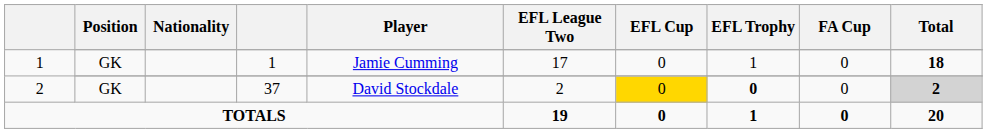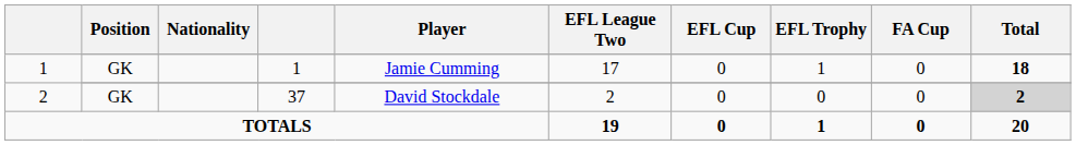 <table class="wikitable" style="font-size: 95%; text-align: center;">
 <tr>
 <th width=60></th>
 <th width=60>Position</th>
 <th width=80>Nationality</th>
 <th width=60></th>
 <th width=180>Player</th>
 <th width=100>EFL League Two</th>
 <th width=80>EFL Cup</th>
 <th width=80>EFL Trophy</th>
 <th width=80>FA Cup</th>
 <th width=80>Total</th>
 </tr>
 <tr>
 <td rowspan="2">1</td>
 </tr>
 <tr>
 <td>GK</td>
 <td></td>
 <td>1</td>
 <td><a href='#'>Jamie Cumming</a></td>
 <td>17</td>
 <td>0</td>
 <td>1</td>
 <td>0</td>
 <td><strong>18</strong></td>
 </tr>
 <tr>
 <td rowspan="2">2</td>
 </tr>
 <tr>
 <td>GK</td>
 <td></td>
 <td>37</td>
 <td><a href='#'>David Stockdale</a></td>
 <td>2</td>
-<td style="background: gold;">0</td>
-<td><strong>0</strong></td>
+<td>0</td>
+<td>0</td>
 <td>0</td>
 <td style="background: lightgrey;"><strong>2</strong></td>
 </tr>
 <tr>
 <td colspan=5><strong>TOTALS</strong></td>
 <td><strong>19</strong></td>
 <td><strong>0</strong></td>
 <td><strong>1</strong></td>
 <td><strong>0</strong></td>
 <td><strong>20</strong></td>
 </tr>
 </table>
